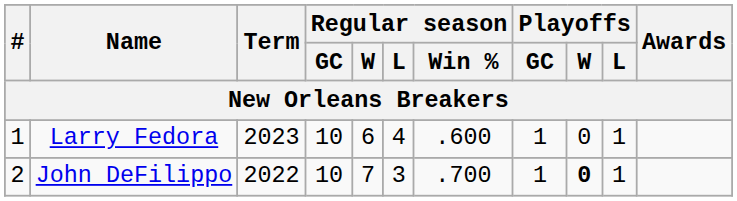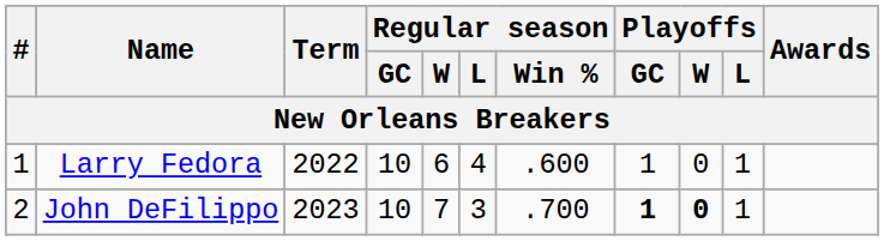 <table class="wikitable" style="text-align:center">
 <tr>
 <th rowspan="2">#</th>
 <th rowspan="2">Name</th>
 <th rowspan="2">Term</th>
 <th colspan="4">Regular season</th>
 <th colspan="3">Playoffs</th>
 <th rowspan="2">Awards</th>
 </tr>
 <tr>
 <th>GC</th>
 <th>W</th>
 <th>L</th>
 <th>Win %</th>
 <th>GC</th>
 <th>W</th>
 <th>L</th>
 </tr>
 <tr>
 <th colspan="11">New Orleans Breakers</th>
 </tr>
 <tr>
 <td>1</td>
 <td><a href='#'>Larry Fedora</a></td>
-<td>2023</td>
+<td>2022</td>
 <td>10</td>
 <td>6</td>
 <td>4</td>
 <td>.600</td>
 <td>1</td>
 <td>0</td>
 <td>1</td>
 <td></td>
 </tr>
 <tr>
 <td>2</td>
 <td><a href='#'>John DeFilippo</a></td>
-<td>2022</td>
+<td>2023</td>
 <td>10</td>
 <td>7</td>
 <td>3</td>
 <td>.700</td>
-<td>1</td>
+<td><strong>1</strong></td>
 <td><strong>0</strong></td>
 <td>1</td>
 <td></td>
 </tr>
 </table>
